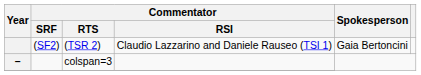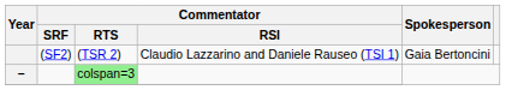 <table class="wikitable sortable plainrowheaders">
 <tr>
 <th rowspan="2">Year</th>
 <th colspan="3">Commentator</th>
 <th rowspan="2">Spokesperson</th>
 <th rowspan="2" class="unsortable"></th>
 </tr>
 <tr>
 <th>SRF</th>
 <th>RTS</th>
 <th>RSI</th>
 </tr>
 <tr>
 <th scope="row"></th>
 <td> (<a href='#'>SF2</a>)</td>
 <td> (<a href='#'>TSR 2</a>)</td>
 <td>Claudio Lazzarino and Daniele Rauseo (<a href='#'>TSI 1</a>)</td>
 <td>Gaia Bertoncini</td>
 <td></td>
 </tr>
 <tr>
 <th scope="row">–</th>
 <td></td>
-<td>colspan=3 </td>
+<td style="background: lightgreen;">colspan=3 </td>
 <td></td>
 </tr>
 <tr>
 </tr>
 </table>
